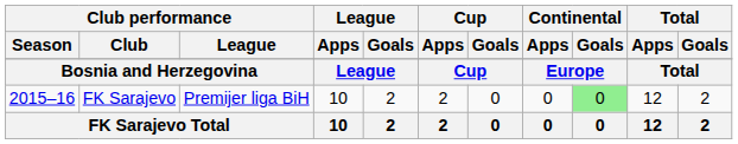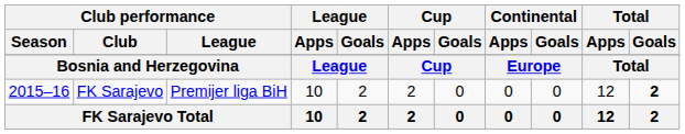 <table class="wikitable" style="text-align:center">
 <tr>
 <th colspan=3>Club performance</th>
 <th colspan=2>League</th>
 <th colspan=2>Cup</th>
 <th colspan=2>Continental</th>
 <th colspan=2>Total</th>
 </tr>
 <tr>
 <th>Season</th>
 <th>Club</th>
 <th>League</th>
 <th>Apps</th>
 <th>Goals</th>
 <th>Apps</th>
 <th>Goals</th>
 <th>Apps</th>
 <th>Goals</th>
 <th>Apps</th>
 <th>Goals</th>
 </tr>
 <tr>
 </tr>
 <tr>
 <th colspan=3>Bosnia and Herzegovina</th>
 <th colspan=2><a href='#'>League</a></th>
 <th colspan=2><a href='#'>Cup</a></th>
 <th colspan=2><a href='#'>Europe</a></th>
 <th colspan=2>Total</th>
 </tr>
 <tr>
 <td><a href='#'>2015–16</a></td>
 <td><a href='#'>FK Sarajevo</a></td>
 <td><a href='#'>Premijer liga BiH</a></td>
 <td>10</td>
 <td>2</td>
 <td>2</td>
 <td>0</td>
 <td>0</td>
-<td style="background: lightgreen;">0</td>
+<td>0</td>
 <td>12</td>
-<td>2</td>
+<td><strong>2</strong></td>
 </tr>
 <tr>
 <th colspan=3>FK Sarajevo Total</th>
 <th>10</th>
 <th>2</th>
 <th>2</th>
 <th>0</th>
 <th>0</th>
 <th>0</th>
 <th>12</th>
 <th>2</th>
 </tr>
 </table>
